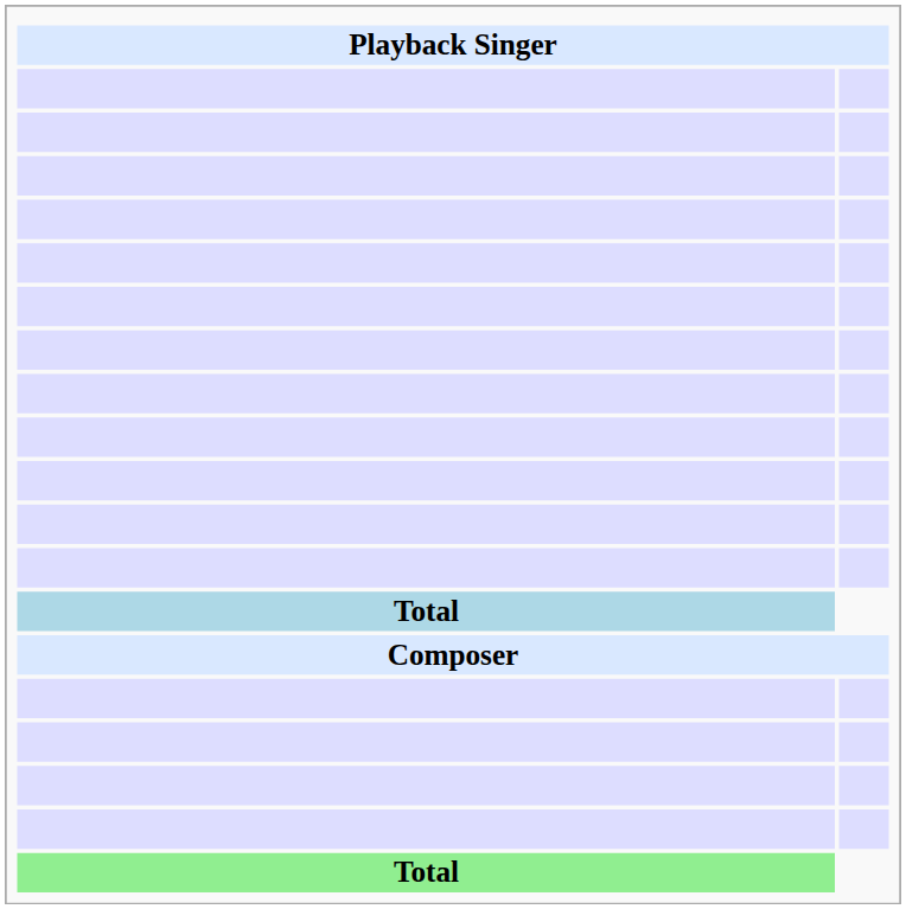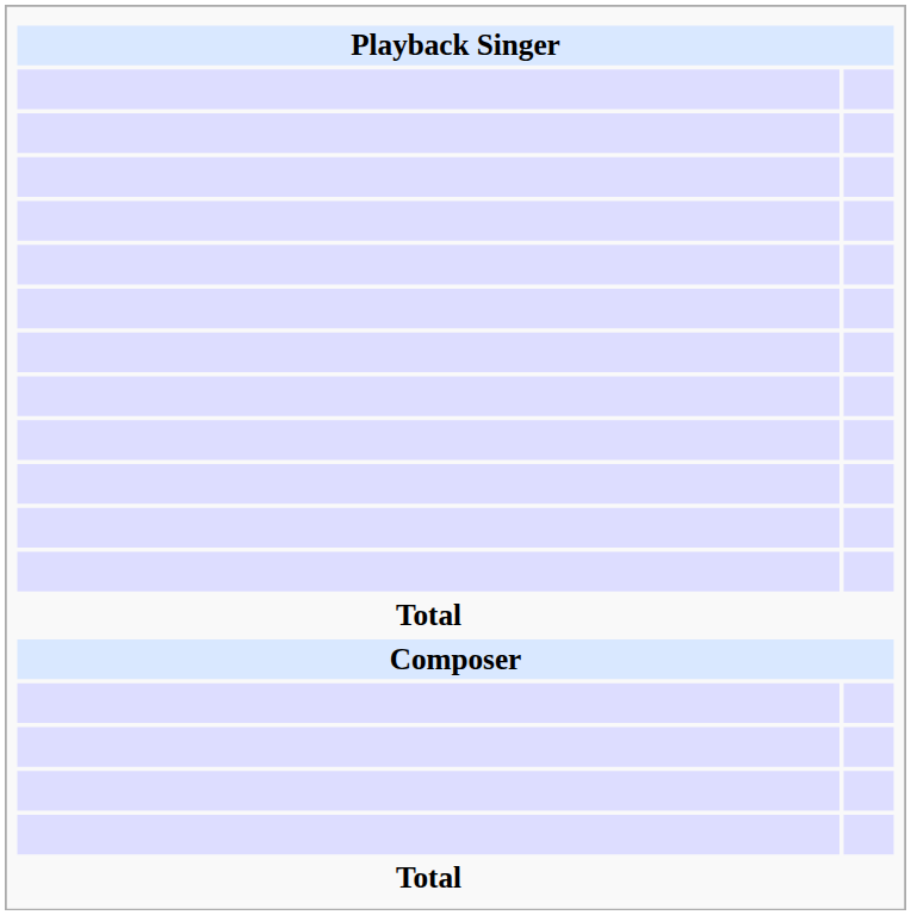 <table class="infobox" style="width: 30em; text-align: left; font-size: 90%; vertical-align: middle;">
 <tr>
 <td colspan="3"></td>
 </tr>
 <tr style="background:#d9e8ff;">
 <th colspan="2" style="text-align:center">Playback Singer</th>
 </tr>
 <tr style="background:#ddf;text-align:center;">
 <td style="text-align:center;"><br></td>
 <td></td>
 </tr>
 <tr style="background:#ddf;">
 <td style="text-align:center;"><br></td>
 <td></td>
 </tr>
 <tr - style="background:#ddf;">
 <td style="text-align:center;"><br></td>
 <td></td>
 </tr>
 <tr style="background:#ddf;text-align:center;">
 <td style="text-align:center;"><br></td>
 <td></td>
 </tr>
 <tr style="background:#ddf;text-align:center;">
 <td style="text-align:center;"><br></td>
 <td></td>
 </tr>
 <tr style="background:#ddf;text-align:center;">
 <td style="text-align:center;"><br></td>
 <td></td>
 </tr>
 <tr style="background:#ddf;text-align:center;">
 <td style="text-align:center;"><br></td>
 <td></td>
 </tr>
 <tr style="background:#ddf;text-align:center;">
 <td style="text-align:center;"><br></td>
 <td></td>
 </tr>
 <tr style="background:#ddf;text-align:center;">
 <td style="text-align:center;"><br></td>
 <td></td>
 </tr>
 <tr style="background:#ddf;text-align:center;">
 <td style="text-align:center;"><br></td>
 <td></td>
 </tr>
 <tr style="background:#ddf;text-align:center;">
 <td style="text-align:center;"><br></td>
 <td></td>
 </tr>
 <tr style="background:#ddf;text-align:center;">
 <td style="text-align:center;"><br></td>
 <td></td>
 </tr>
 <tr>
-<td style="background: lightblue; text-align:center;"><strong>Total</strong></td>
+<td style="text-align:center;"><strong>Total</strong></td>
 <td></td>
 </tr>
 <tr style="background:#d9e8ff;">
 <th colspan="2" style="text-align:center">Composer</th>
 </tr>
 <tr style="background:#ddf;text-align:center;">
 <td style="text-align:center;"><br></td>
 <td></td>
 </tr>
 <tr style="background:#ddf;">
 <td style="text-align:center;"><br></td>
 <td></td>
 </tr>
 <tr - style="background:#ddf;">
 <td style="text-align:center;"><br></td>
 <td></td>
 </tr>
 <tr style="background:#ddf;text-align:center;">
 <td style="text-align:center;"><br></td>
 <td></td>
 </tr>
 <tr>
-<td style="background: lightgreen; text-align:center;"><strong>Total</strong></td>
+<td style="text-align:center;"><strong>Total</strong></td>
 <td></td>
 </tr>
 </table>
